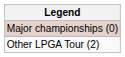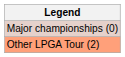 <table class="wikitable" style="font-size:95%;">
 <tr>
 <th>Legend</th>
 </tr>
 <tr style="background:#e5d1cb;">
 <td>Major championships (0)</td>
 </tr>
 <tr>
-<td>Other LPGA Tour (2)</td>
+<td style="background: lightsalmon;">Other LPGA Tour (2)</td>
 </tr>
 </table>
